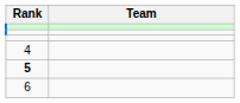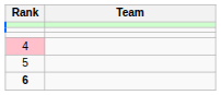 <table class="wikitable" style="text-align: center;">
 <tr>
 <th width="50">Rank</th>
 <th width="240">Team</th>
 </tr>
 <tr bgcolor=ccffcc>
 <td style="border-left:3px solid #06f;"></td>
 <td align="left"></td>
 </tr>
 <tr>
 <td style="border-left:3px solid #06f;"></td>
 <td align="left"></td>
 </tr>
 <tr>
 <td></td>
 <td align="left"></td>
 </tr>
 <tr>
-<td>4</td>
+<td style="background: pink;">4</td>
 <td align="left"></td>
 </tr>
 <tr>
-<td><strong>5</strong></td>
+<td>5</td>
 <td align="left"></td>
 </tr>
 <tr>
-<td>6</td>
+<td><strong>6</strong></td>
 <td align="left"></td>
 </tr>
 </table>
